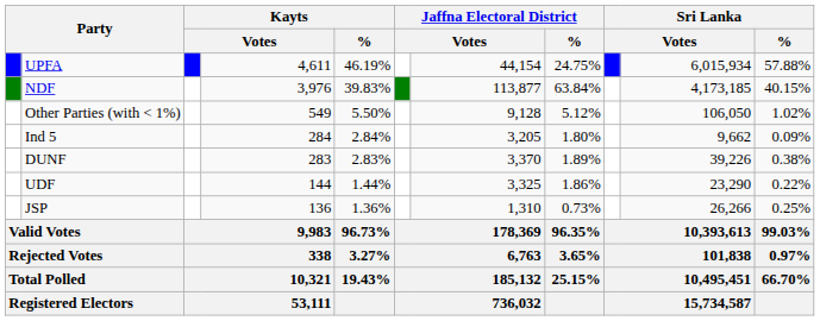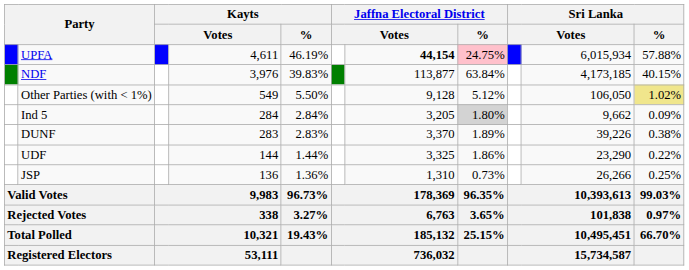 <table class="wikitable">
 <tr>
 <th colspan="2" width="144px"rowspan="2">Party</th>
 <th colspan="3" width="216px">Kayts</th>
 <th colspan="3" width="216px"><a href='#'>Jaffna Electoral District</a></th>
 <th colspan="3" width="216px">Sri Lanka</th>
 </tr>
 <tr>
 <th colspan="2" width="144px">Votes</th>
 <th>%</th>
 <th colspan="2" width="144px">Votes</th>
 <th>%</th>
 <th colspan="2" width="144px">Votes</th>
 <th>%</th>
 </tr>
 <tr>
 <td style="background-color:blue;" width="10px"></td>
 <td style="text-align:left;"><a href='#'>UPFA</a></td>
 <td style="background-color:blue;" width="10px"></td>
 <td style="text-align:right;">4,611</td>
 <td style="text-align:right;">46.19%</td>
 <td style="background-color:white;" width="10px"></td>
-<td style="text-align:right;">44,154</td>
-<td style="text-align:right;">24.75%</td>
+<td style="text-align:right;"><strong>44,154</strong></td>
+<td style="background: pink; text-align:right;">24.75%</td>
 <td style="background-color:blue;" width="10px"></td>
 <td style="text-align:right;">6,015,934</td>
 <td style="text-align:right;">57.88%</td>
 </tr>
 <tr>
 <td style="background-color:green;" width="10px"></td>
 <td style="text-align:left;"><a href='#'>NDF</a></td>
 <td style="background-color:white;" width="10px"></td>
 <td style="text-align:right;">3,976</td>
 <td style="text-align:right;">39.83%</td>
 <td style="background-color:green;" width="10px"></td>
 <td style="text-align:right;">113,877</td>
 <td style="text-align:right;">63.84%</td>
 <td style="background-color:white;" width="10px"></td>
 <td style="text-align:right;">4,173,185</td>
 <td style="text-align:right;">40.15%</td>
 </tr>
 <tr>
 <td style="background-color:white;" width="10px"></td>
 <td style="text-align:left;">Other Parties (with < 1%)</td>
 <td style="background-color:white;" width="10px"></td>
 <td style="text-align:right;">549</td>
 <td style="text-align:right;">5.50%</td>
 <td style="background-color:white;" width="10px"></td>
 <td style="text-align:right;">9,128</td>
 <td style="text-align:right;">5.12%</td>
 <td style="background-color:white;" width="10px"></td>
 <td style="text-align:right;">106,050</td>
-<td style="text-align:right;">1.02%</td>
+<td style="background: khaki; text-align:right;">1.02%</td>
 </tr>
 <tr>
 <td style="background-color:white;" width="10px"></td>
 <td style="text-align:left;">Ind 5</td>
 <td style="background-color:white;" width="10px"></td>
 <td style="text-align:right;">284</td>
 <td style="text-align:right;">2.84%</td>
 <td style="background-color:white;" width="10px"></td>
 <td style="text-align:right;">3,205</td>
-<td style="text-align:right;">1.80%</td>
+<td style="background: lightgrey; text-align:right;">1.80%</td>
 <td style="background-color:white;" width="10px"></td>
 <td style="text-align:right;">9,662</td>
 <td style="text-align:right;">0.09%</td>
 </tr>
 <tr>
 <td style="background-color:white;" width="10px"></td>
 <td style="text-align:left;">DUNF</td>
 <td style="background-color:white;" width="10px"></td>
 <td style="text-align:right;">283</td>
 <td style="text-align:right;">2.83%</td>
 <td style="background-color:white;" width="10px"></td>
 <td style="text-align:right;">3,370</td>
 <td style="text-align:right;">1.89%</td>
 <td style="background-color:white;" width="10px"></td>
 <td style="text-align:right;">39,226</td>
 <td style="text-align:right;">0.38%</td>
 </tr>
 <tr>
 <td style="background-color:white;" width="10px"></td>
 <td style="text-align:left;">UDF</td>
 <td style="background-color:white;" width="10px"></td>
 <td style="text-align:right;">144</td>
 <td style="text-align:right;">1.44%</td>
 <td style="background-color:white;" width="10px"></td>
 <td style="text-align:right;">3,325</td>
 <td style="text-align:right;">1.86%</td>
 <td style="background-color:white;" width="10px"></td>
 <td style="text-align:right;">23,290</td>
 <td style="text-align:right;">0.22%</td>
 </tr>
 <tr>
 <td style="background-color:white;" width="10px"></td>
 <td style="text-align:left;">JSP</td>
 <td style="background-color:white;" width="10px"></td>
 <td style="text-align:right;">136</td>
 <td style="text-align:right;">1.36%</td>
 <td style="background-color:white;" width="10px"></td>
 <td style="text-align:right;">1,310</td>
 <td style="text-align:right;">0.73%</td>
 <td style="background-color:white;" width="10px"></td>
 <td style="text-align:right;">26,266</td>
 <td style="text-align:right;">0.25%</td>
 </tr>
 <tr>
 <th colspan="2" width="144px"style="text-align:left;">Valid Votes</th>
 <th style="text-align:right;"colspan="2" width="144px">9,983</th>
 <th style="text-align:right;">96.73%</th>
 <th style="text-align:right;"colspan="2" width="144px">178,369</th>
 <th style="text-align:right;">96.35%</th>
 <th style="text-align:right;"colspan="2" width="144px">10,393,613</th>
 <th style="text-align:right;">99.03%</th>
 </tr>
 <tr>
 <th colspan="2" width="144px"style="text-align:left;">Rejected Votes</th>
 <th style="text-align:right;"colspan="2" width="144px">338</th>
 <th style="text-align:right;">3.27%</th>
 <th style="text-align:right;"colspan="2" width="144px">6,763</th>
 <th style="text-align:right;">3.65%</th>
 <th style="text-align:right;"colspan="2" width="144px">101,838</th>
 <th style="text-align:right;">0.97%</th>
 </tr>
 <tr>
 <th colspan="2" width="144px"style="text-align:left;">Total Polled</th>
 <th style="text-align:right;"colspan="2" width="144px">10,321</th>
 <th style="text-align:right;">19.43%</th>
 <th style="text-align:right;"colspan="2" width="144px">185,132</th>
 <th style="text-align:right;">25.15%</th>
 <th style="text-align:right;"colspan="2" width="144px">10,495,451</th>
 <th style="text-align:right;">66.70%</th>
 </tr>
 <tr>
 <th colspan="2" width="144px"style="text-align:left;">Registered Electors</th>
 <th style="text-align:right;"colspan="2" width="144px">53,111</th>
 <th></th>
 <th style="text-align:right;"colspan="2" width="144px">736,032</th>
 <th></th>
 <th style="text-align:right;"colspan="2" width="144px">15,734,587</th>
 <th></th>
 </tr>
 </table>
